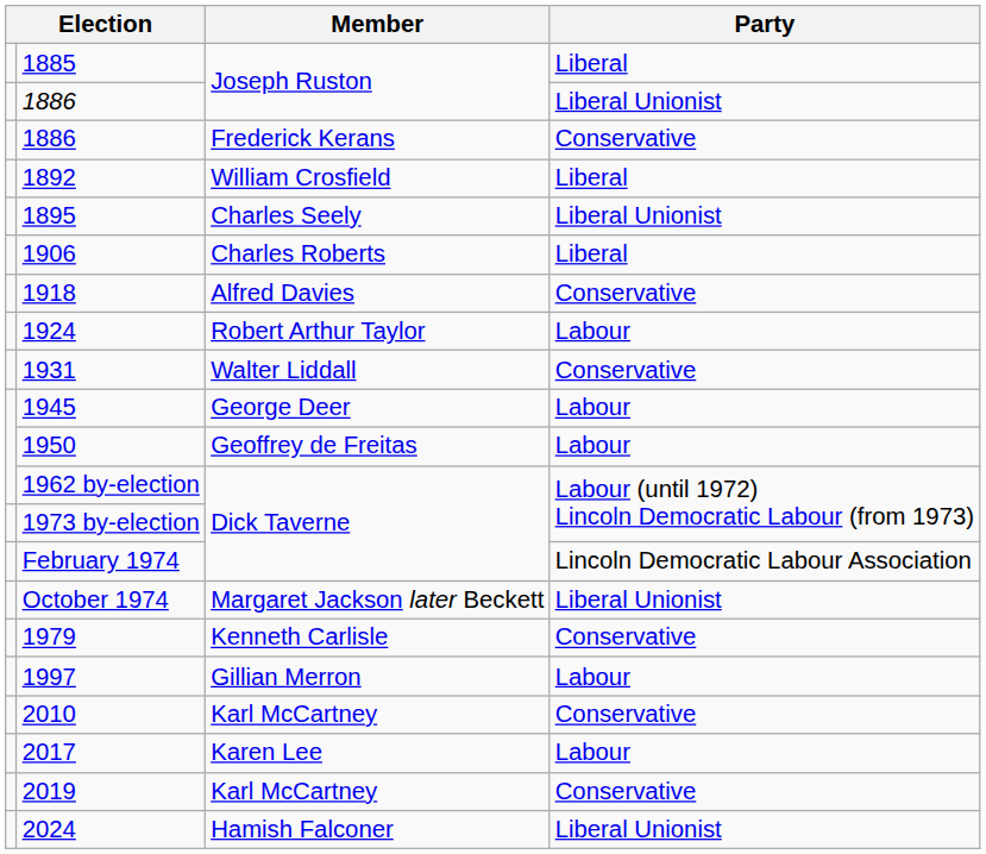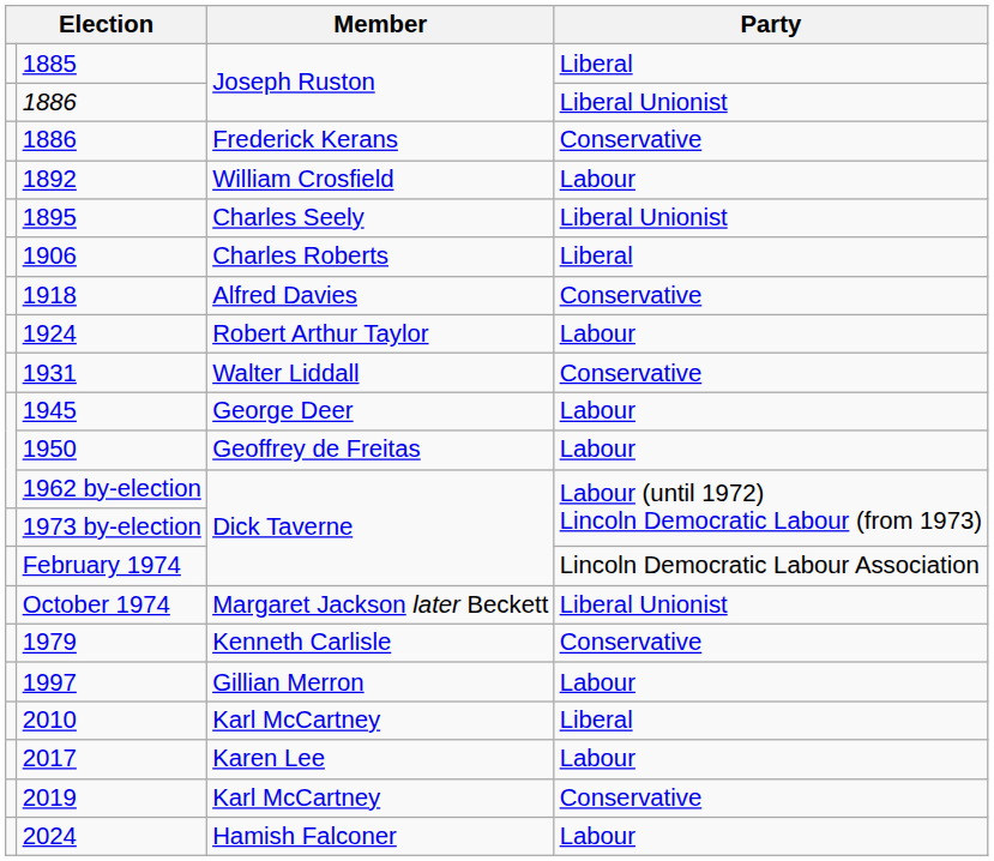 <table class="wikitable">
 <tr>
 <th colspan="2">Election</th>
 <th>Member</th>
 <th>Party</th>
 </tr>
 <tr>
 <td style="color:inherit;background-color: "></td>
 <td><a href='#'>1885</a></td>
 <td rowspan="2"><a href='#'>Joseph Ruston</a></td>
 <td><a href='#'>Liberal</a></td>
 </tr>
 <tr>
 <td style="color:inherit;background-color: "></td>
 <td><em>1886</em></td>
 <td><a href='#'>Liberal Unionist</a></td>
 </tr>
 <tr>
 <td style="color:inherit;background-color: "></td>
 <td><a href='#'>1886</a></td>
 <td><a href='#'>Frederick Kerans</a></td>
 <td><a href='#'>Conservative</a></td>
 </tr>
 <tr>
 <td style="color:inherit;background-color: "></td>
 <td><a href='#'>1892</a></td>
 <td><a href='#'>William Crosfield</a></td>
-<td><a href='#'>Liberal</a></td>
+<td><a href='#'>Labour</a></td>
 </tr>
 <tr>
 <td style="color:inherit;background-color: "></td>
 <td><a href='#'>1895</a></td>
 <td><a href='#'>Charles Seely</a></td>
 <td><a href='#'>Liberal Unionist</a></td>
 </tr>
 <tr>
 <td style="color:inherit;background-color: "></td>
 <td><a href='#'>1906</a></td>
 <td><a href='#'>Charles Roberts</a></td>
 <td><a href='#'>Liberal</a></td>
 </tr>
 <tr>
 <td style="color:inherit;background-color: "></td>
 <td><a href='#'>1918</a></td>
 <td><a href='#'>Alfred Davies</a></td>
 <td><a href='#'>Conservative</a></td>
 </tr>
 <tr>
 <td style="color:inherit;background-color: "></td>
 <td><a href='#'>1924</a></td>
 <td><a href='#'>Robert Arthur Taylor</a></td>
 <td><a href='#'>Labour</a></td>
 </tr>
 <tr>
 <td style="color:inherit;background-color: "></td>
 <td><a href='#'>1931</a></td>
 <td><a href='#'>Walter Liddall</a></td>
 <td><a href='#'>Conservative</a></td>
 </tr>
 <tr>
 <td rowspan="3" style="color:inherit;background-color: "></td>
 <td><a href='#'>1945</a></td>
 <td><a href='#'>George Deer</a></td>
 <td><a href='#'>Labour</a></td>
 </tr>
 <tr>
 <td><a href='#'>1950</a></td>
 <td><a href='#'>Geoffrey de Freitas</a></td>
 <td><a href='#'>Labour</a></td>
 </tr>
 <tr>
 <td><a href='#'>1962 by-election</a></td>
 <td rowspan="3"><a href='#'>Dick Taverne</a></td>
 <td rowspan="2"><a href='#'>Labour</a> (until 1972)<br><a href='#'>Lincoln Democratic Labour</a> (from 1973)</td>
 </tr>
 <tr>
 <td style="color:inherit;background-color: "></td>
 <td><a href='#'>1973 by-election</a></td>
 </tr>
 <tr>
 <td style="color:inherit;background-color: "></td>
 <td><a href='#'>February 1974</a></td>
 <td>Lincoln Democratic Labour Association</td>
 </tr>
 <tr>
 <td style="color:inherit;background-color: "></td>
 <td><a href='#'>October 1974</a></td>
 <td><a href='#'>Margaret Jackson</a> <em>later</em> Beckett</td>
 <td><a href='#'>Liberal Unionist</a></td>
 </tr>
 <tr>
 <td style="color:inherit;background-color: "></td>
 <td><a href='#'>1979</a></td>
 <td><a href='#'>Kenneth Carlisle</a></td>
 <td><a href='#'>Conservative</a></td>
 </tr>
 <tr>
 <td style="color:inherit;background-color: "></td>
 <td><a href='#'>1997</a></td>
 <td><a href='#'>Gillian Merron</a></td>
 <td><a href='#'>Labour</a></td>
 </tr>
 <tr>
 <td style="color:inherit;background-color: "></td>
 <td><a href='#'>2010</a></td>
 <td><a href='#'>Karl McCartney</a></td>
-<td><a href='#'>Conservative</a></td>
+<td><a href='#'>Liberal</a></td>
 </tr>
 <tr>
 <td style="color:inherit;background-color: "></td>
 <td><a href='#'>2017</a></td>
 <td><a href='#'>Karen Lee</a></td>
 <td><a href='#'>Labour</a></td>
 </tr>
 <tr>
 <td style="color:inherit;background-color: "></td>
 <td><a href='#'>2019</a></td>
 <td><a href='#'>Karl McCartney</a></td>
 <td><a href='#'>Conservative</a></td>
 </tr>
 <tr>
 <td style="color:inherit;background-color: "></td>
 <td><a href='#'>2024</a></td>
 <td><a href='#'>Hamish Falconer</a></td>
-<td><a href='#'>Liberal Unionist</a></td>
+<td><a href='#'>Labour</a></td>
 </tr>
 </table>
